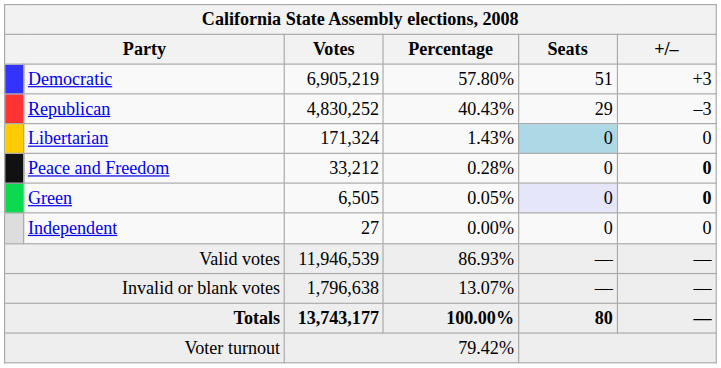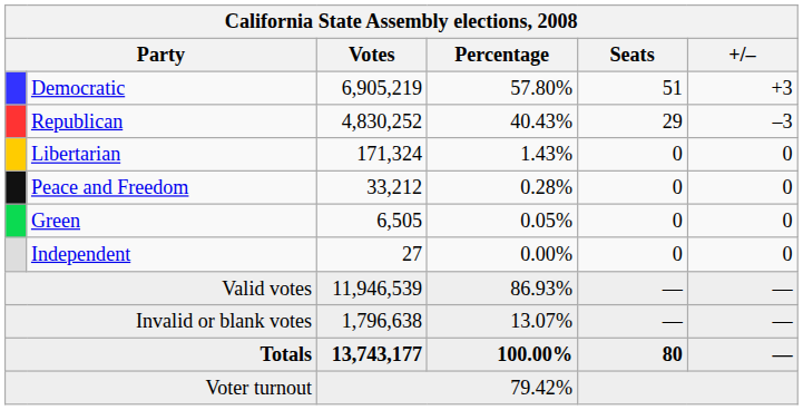 <table class="wikitable" style="font-size:95%;">
 <tr>
 <th colspan="6">California State Assembly elections, 2008</th>
 </tr>
 <tr>
 <th colspan=2 style="width: 15em">Party</th>
 <th style="width: 5em">Votes</th>
 <th style="width: 7em">Percentage</th>
 <th style="width: 5em">Seats</th>
 <th style="width: 5em">+/–</th>
 </tr>
 <tr>
 <th style="background-color:#3333FF; width: 3px"></th>
 <td style="width: 130px"><a href='#'>Democratic</a></td>
 <td align="right">6,905,219</td>
 <td align="right">57.80%</td>
 <td align="right">51</td>
 <td align="right">+3</td>
 </tr>
 <tr>
 <th style="background-color:#FF3333; width: 3px"></th>
 <td style="width: 130px"><a href='#'>Republican</a></td>
 <td align="right">4,830,252</td>
 <td align="right">40.43%</td>
 <td align="right">29</td>
 <td align="right">–3</td>
 </tr>
 <tr>
 <th style="background-color:#FFCC00; width: 3px"></th>
 <td style="width: 130px"><a href='#'>Libertarian</a></td>
 <td align="right">171,324</td>
 <td align="right">1.43%</td>
-<td align="right" style="background: lightblue;">0</td>
+<td align="right">0</td>
 <td align="right">0</td>
 </tr>
 <tr>
 <th style="background-color:#111111; width: 3px"></th>
 <td style="width: 130px"><a href='#'>Peace and Freedom</a></td>
 <td align="right">33,212</td>
 <td align="right">0.28%</td>
 <td align="right">0</td>
-<td align="right"><strong>0</strong></td>
+<td align="right">0</td>
 </tr>
 <tr>
 <th style="background-color:#0BDA51; width: 3px"></th>
 <td style="width: 130px"><a href='#'>Green</a></td>
 <td align="right">6,505</td>
 <td align="right">0.05%</td>
-<td align="right" style="background: lavender;">0</td>
-<td align="right"><strong>0</strong></td>
+<td align="right">0</td>
+<td align="right">0</td>
 </tr>
 <tr>
 <th style="background-color:#DDDDDD; width: 3px"></th>
 <td style="width: 130px"><a href='#'>Independent</a></td>
 <td align="right">27</td>
 <td align="right">0.00%</td>
 <td align="right">0</td>
 <td align="right">0</td>
 </tr>
 <tr bgcolor="#EEEEEE">
 <td colspan="2" align="right">Valid votes</td>
 <td align="right">11,946,539</td>
 <td align="right">86.93%</td>
 <td align="right">—</td>
 <td align="right">—</td>
 </tr>
 <tr bgcolor="#EEEEEE">
 <td colspan="2" align="right">Invalid or blank votes</td>
 <td align="right">1,796,638</td>
 <td align="right">13.07%</td>
 <td align="right">—</td>
 <td align="right">—</td>
 </tr>
 <tr bgcolor="#EEEEEE">
 <td colspan="2" align="right"><strong>Totals</strong></td>
 <td align="right"><strong>13,743,177</strong></td>
 <td align="right"><strong>100.00%</strong></td>
 <td align="right"><strong>80</strong></td>
 <td align="right"><strong>—</strong></td>
 </tr>
 <tr bgcolor="#EEEEEE">
 <td colspan="2" align="right">Voter turnout</td>
 <td colspan="2" align="right">79.42%</td>
 <td colspan="2" align="right"></td>
 </tr>
 </table>
